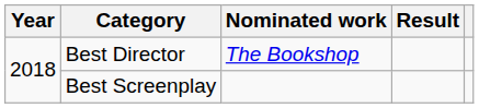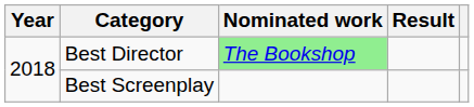 <table class="wikitable">
 <tr>
 <th>Year</th>
 <th>Category</th>
 <th>Nominated work</th>
 <th>Result</th>
 <th></th>
 </tr>
 <tr>
 <td rowspan="2">2018</td>
 <td>Best Director</td>
-<td><em><a href='#'>The Bookshop</a></em></td>
+<td style="background: lightgreen;"><em><a href='#'>The Bookshop</a></em></td>
 <td></td>
 <td></td>
 </tr>
 <tr>
 <td>Best Screenplay</td>
 <td></td>
 <td></td>
 <td></td>
 </tr>
 </table>
